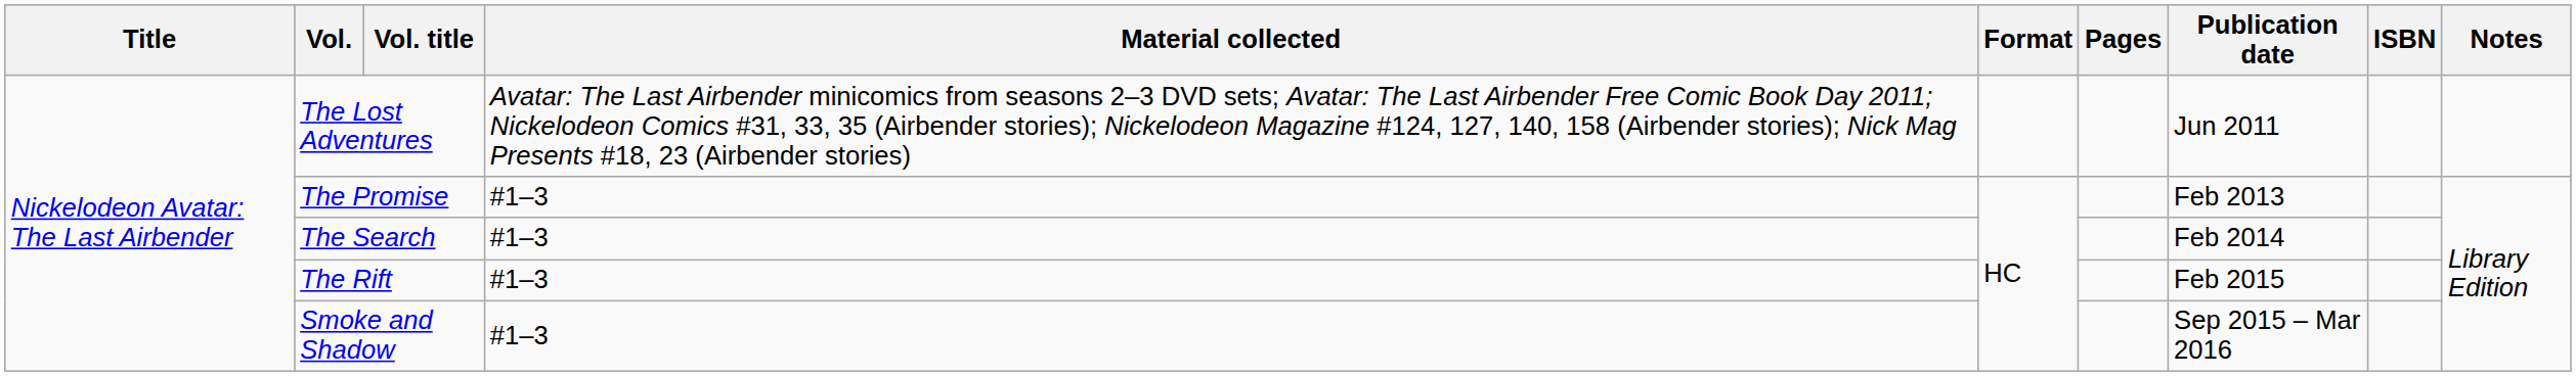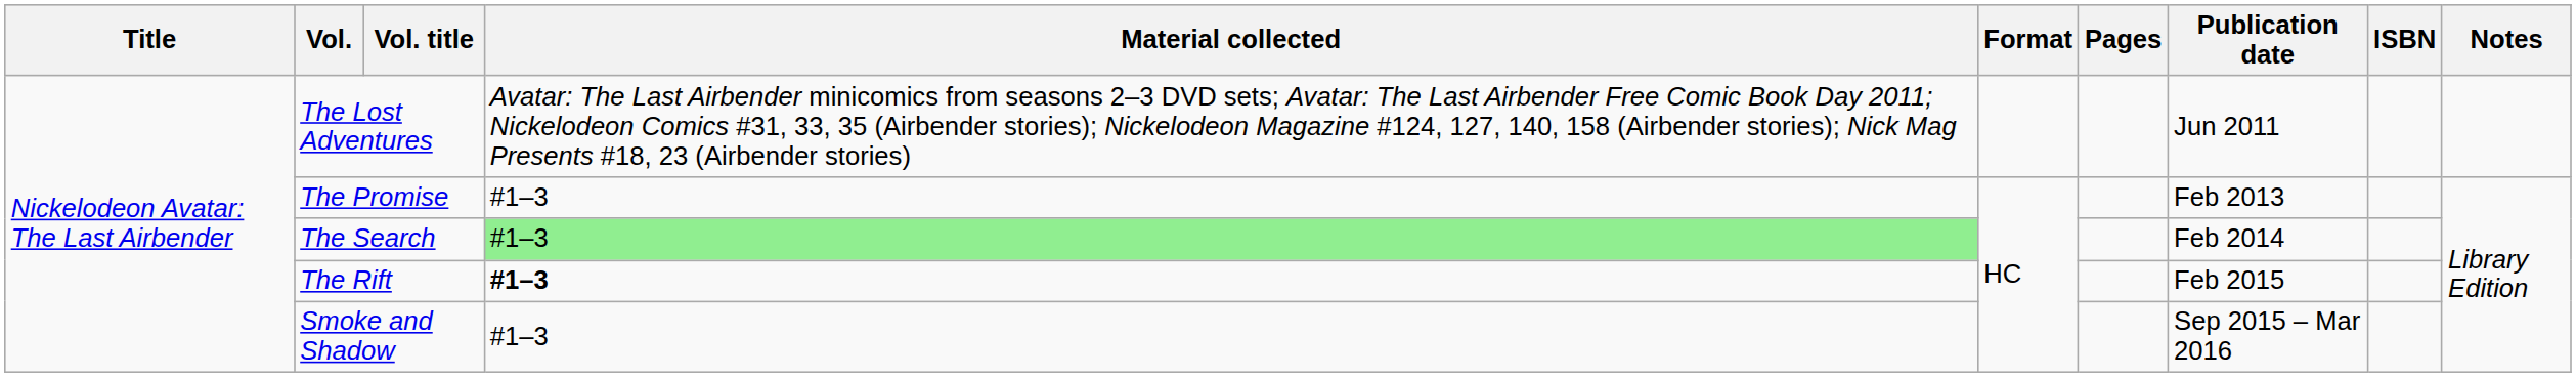 <table class="wikitable">
 <tr>
 <th>Title</th>
 <th>Vol.</th>
 <th>Vol. title</th>
 <th>Material collected</th>
 <th>Format</th>
 <th>Pages</th>
 <th>Publication date</th>
 <th>ISBN</th>
 <th>Notes</th>
 </tr>
 <tr>
 <td rowspan="5"><em><a href='#'>Nickelodeon Avatar: The Last Airbender</a></em></td>
 <td colspan="2"><em><a href='#'>The Lost Adventures</a></em></td>
 <td><em>Avatar: The Last Airbender</em> minicomics from seasons 2–3 DVD sets; <em>Avatar: The Last Airbender Free Comic Book Day 2011;</em> <em>Nickelodeon Comics</em> #31, 33, 35 (Airbender stories); <em>Nickelodeon Magazine</em> #124, 127, 140, 158 (Airbender stories); <em>Nick Mag Presents</em> #18, 23 (Airbender stories)</td>
 <td></td>
 <td></td>
 <td>Jun 2011</td>
 <td></td>
 <td></td>
 </tr>
 <tr>
 <td colspan="2"><em><a href='#'>The Promise</a></em></td>
 <td>#1–3</td>
 <td rowspan="4">HC</td>
 <td></td>
 <td>Feb 2013</td>
 <td></td>
 <td rowspan="4"><em>Library Edition</em></td>
 </tr>
 <tr>
 <td colspan="2"><em><a href='#'>The Search</a></em></td>
-<td>#1–3</td>
+<td style="background: lightgreen;">#1–3</td>
 <td></td>
 <td>Feb 2014</td>
 <td></td>
 </tr>
 <tr>
 <td colspan="2"><em><a href='#'>The Rift</a></em></td>
-<td>#1–3</td>
+<td><strong>#1–3</strong></td>
 <td></td>
 <td>Feb 2015</td>
 <td></td>
 </tr>
 <tr>
 <td colspan="2"><em><a href='#'>Smoke and Shadow</a></em></td>
 <td>#1–3</td>
 <td></td>
 <td>Sep 2015 – Mar 2016</td>
 <td></td>
 </tr>
 </table>
